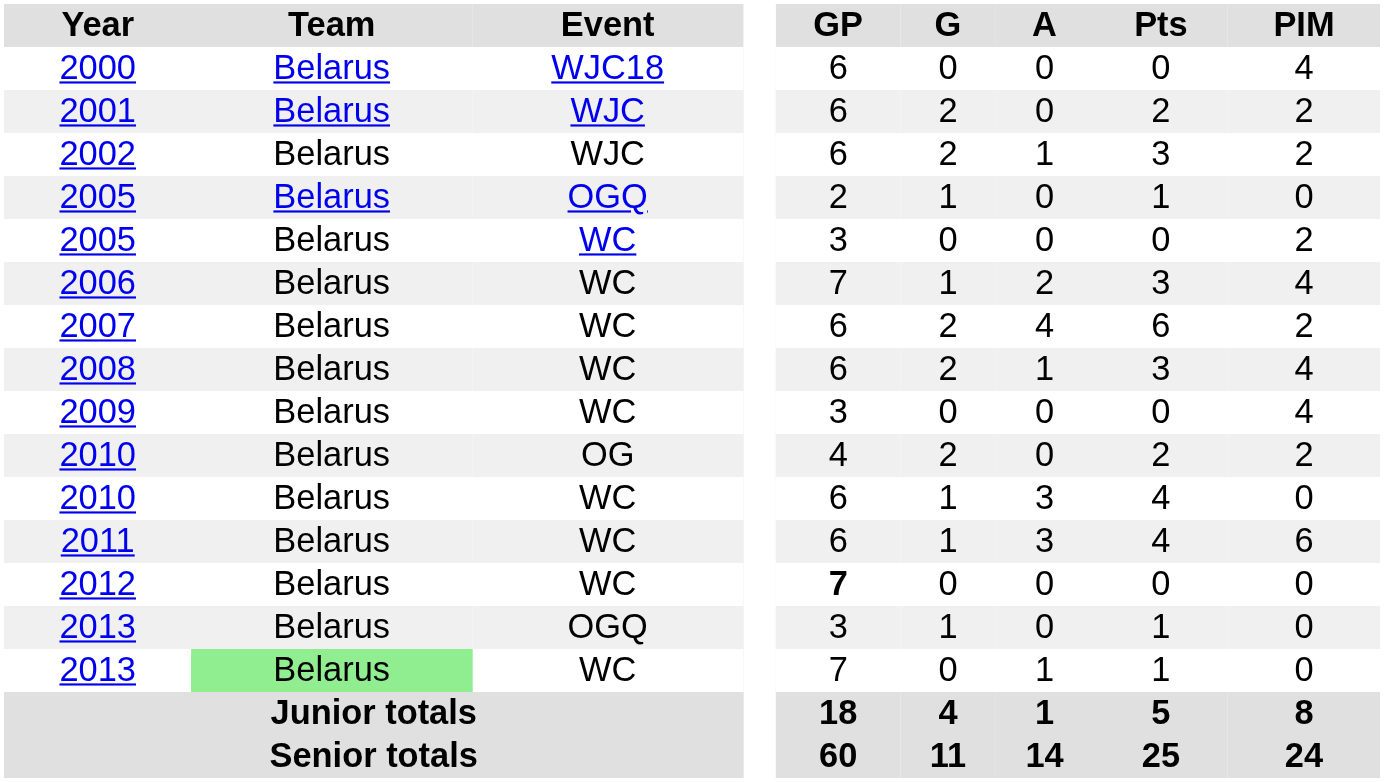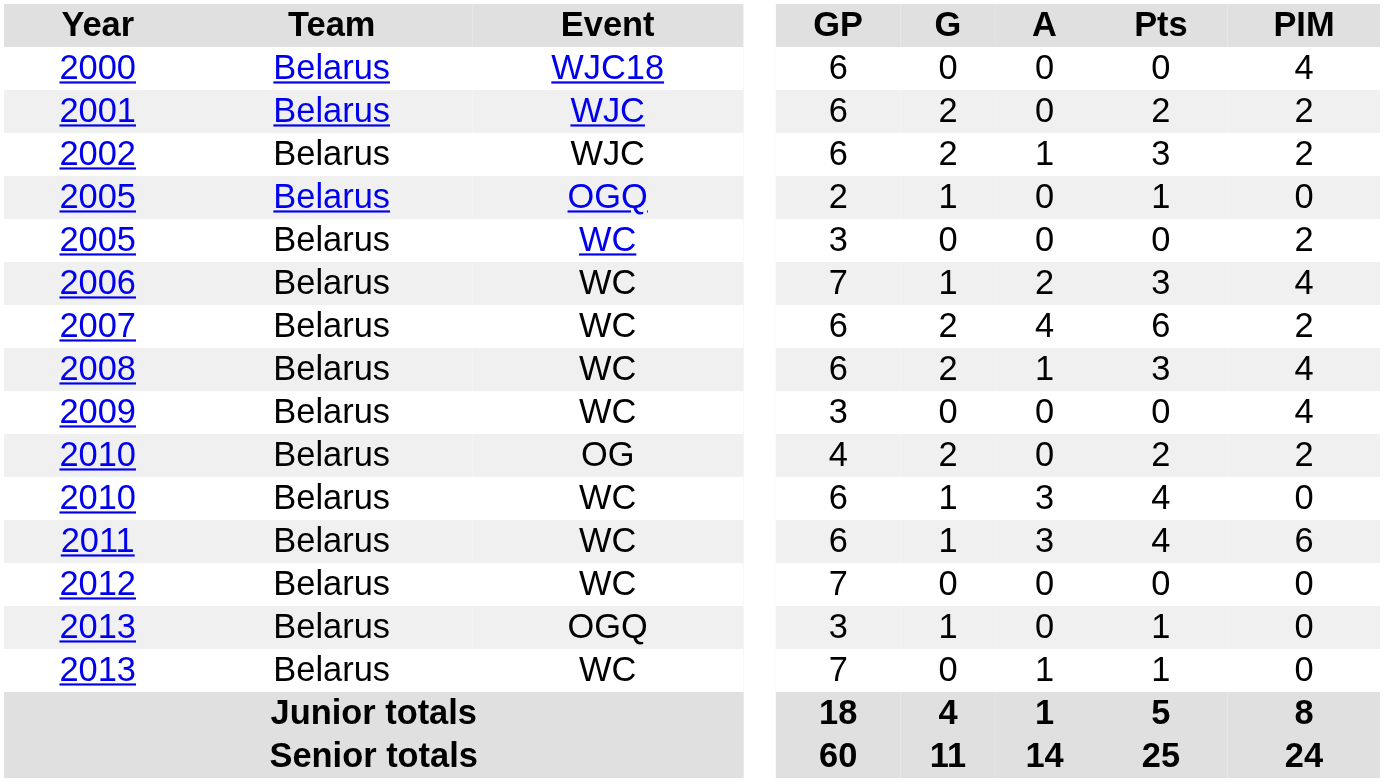 <table border="0" cellpadding="1" cellspacing="0" style="text-align:center; width:40em">
 <tr ALIGN="center" bgcolor="#e0e0e0">
 <th>Year</th>
 <th>Team</th>
 <th>Event</th>
 <th ALIGN="center" rowspan="99" bgcolor="#ffffff"> </th>
 <th>GP</th>
 <th>G</th>
 <th>A</th>
 <th>Pts</th>
 <th>PIM</th>
 </tr>
 <tr>
 <td><a href='#'>2000</a></td>
 <td><a href='#'>Belarus</a></td>
 <td><a href='#'>WJC18</a></td>
 <td>6</td>
 <td>0</td>
 <td>0</td>
 <td>0</td>
 <td>4</td>
 </tr>
 <tr bgcolor="#f0f0f0">
 <td><a href='#'>2001</a></td>
 <td><a href='#'>Belarus</a></td>
 <td><a href='#'>WJC</a></td>
 <td>6</td>
 <td>2</td>
 <td>0</td>
 <td>2</td>
 <td>2</td>
 </tr>
 <tr>
 <td><a href='#'>2002</a></td>
 <td>Belarus</td>
 <td>WJC</td>
 <td>6</td>
 <td>2</td>
 <td>1</td>
 <td>3</td>
 <td>2</td>
 </tr>
 <tr bgcolor="#f0f0f0">
 <td><a href='#'>2005</a></td>
 <td><a href='#'>Belarus</a></td>
 <td><a href='#'>OGQ</a></td>
 <td>2</td>
 <td>1</td>
 <td>0</td>
 <td>1</td>
 <td>0</td>
 </tr>
 <tr>
 <td><a href='#'>2005</a></td>
 <td>Belarus</td>
 <td><a href='#'>WC</a></td>
 <td>3</td>
 <td>0</td>
 <td>0</td>
 <td>0</td>
 <td>2</td>
 </tr>
 <tr bgcolor="#f0f0f0">
 <td><a href='#'>2006</a></td>
 <td>Belarus</td>
 <td>WC</td>
 <td>7</td>
 <td>1</td>
 <td>2</td>
 <td>3</td>
 <td>4</td>
 </tr>
 <tr>
 <td><a href='#'>2007</a></td>
 <td>Belarus</td>
 <td>WC</td>
 <td>6</td>
 <td>2</td>
 <td>4</td>
 <td>6</td>
 <td>2</td>
 </tr>
 <tr bgcolor="#f0f0f0">
 <td><a href='#'>2008</a></td>
 <td>Belarus</td>
 <td>WC</td>
 <td>6</td>
 <td>2</td>
 <td>1</td>
 <td>3</td>
 <td>4</td>
 </tr>
 <tr>
 <td><a href='#'>2009</a></td>
 <td>Belarus</td>
 <td>WC</td>
 <td>3</td>
 <td>0</td>
 <td>0</td>
 <td>0</td>
 <td>4</td>
 </tr>
 <tr bgcolor="#f0f0f0">
 <td><a href='#'>2010</a></td>
 <td>Belarus</td>
 <td>OG</td>
 <td>4</td>
 <td>2</td>
 <td>0</td>
 <td>2</td>
 <td>2</td>
 </tr>
 <tr>
 <td><a href='#'>2010</a></td>
 <td>Belarus</td>
 <td>WC</td>
 <td>6</td>
 <td>1</td>
 <td>3</td>
 <td>4</td>
 <td>0</td>
 </tr>
 <tr bgcolor="#f0f0f0">
 <td><a href='#'>2011</a></td>
 <td>Belarus</td>
 <td>WC</td>
 <td>6</td>
 <td>1</td>
 <td>3</td>
 <td>4</td>
 <td>6</td>
 </tr>
 <tr>
 <td><a href='#'>2012</a></td>
 <td>Belarus</td>
 <td>WC</td>
-<td><strong>7</strong></td>
+<td>7</td>
 <td>0</td>
 <td>0</td>
 <td>0</td>
 <td>0</td>
 </tr>
 <tr bgcolor="#f0f0f0">
 <td><a href='#'>2013</a></td>
 <td>Belarus</td>
 <td>OGQ</td>
 <td>3</td>
 <td>1</td>
 <td>0</td>
 <td>1</td>
 <td>0</td>
 </tr>
 <tr>
 <td><a href='#'>2013</a></td>
-<td style="background: lightgreen;">Belarus</td>
+<td>Belarus</td>
 <td>WC</td>
 <td>7</td>
 <td>0</td>
 <td>1</td>
 <td>1</td>
 <td>0</td>
 </tr>
 <tr bgcolor="#e0e0e0">
 <th colspan="3">Junior totals</th>
 <th>18</th>
 <th>4</th>
 <th>1</th>
 <th>5</th>
 <th>8</th>
 </tr>
 <tr bgcolor="#e0e0e0">
 <th colspan="3">Senior totals</th>
 <th>60</th>
 <th>11</th>
 <th>14</th>
 <th>25</th>
 <th>24</th>
 </tr>
 </table>
